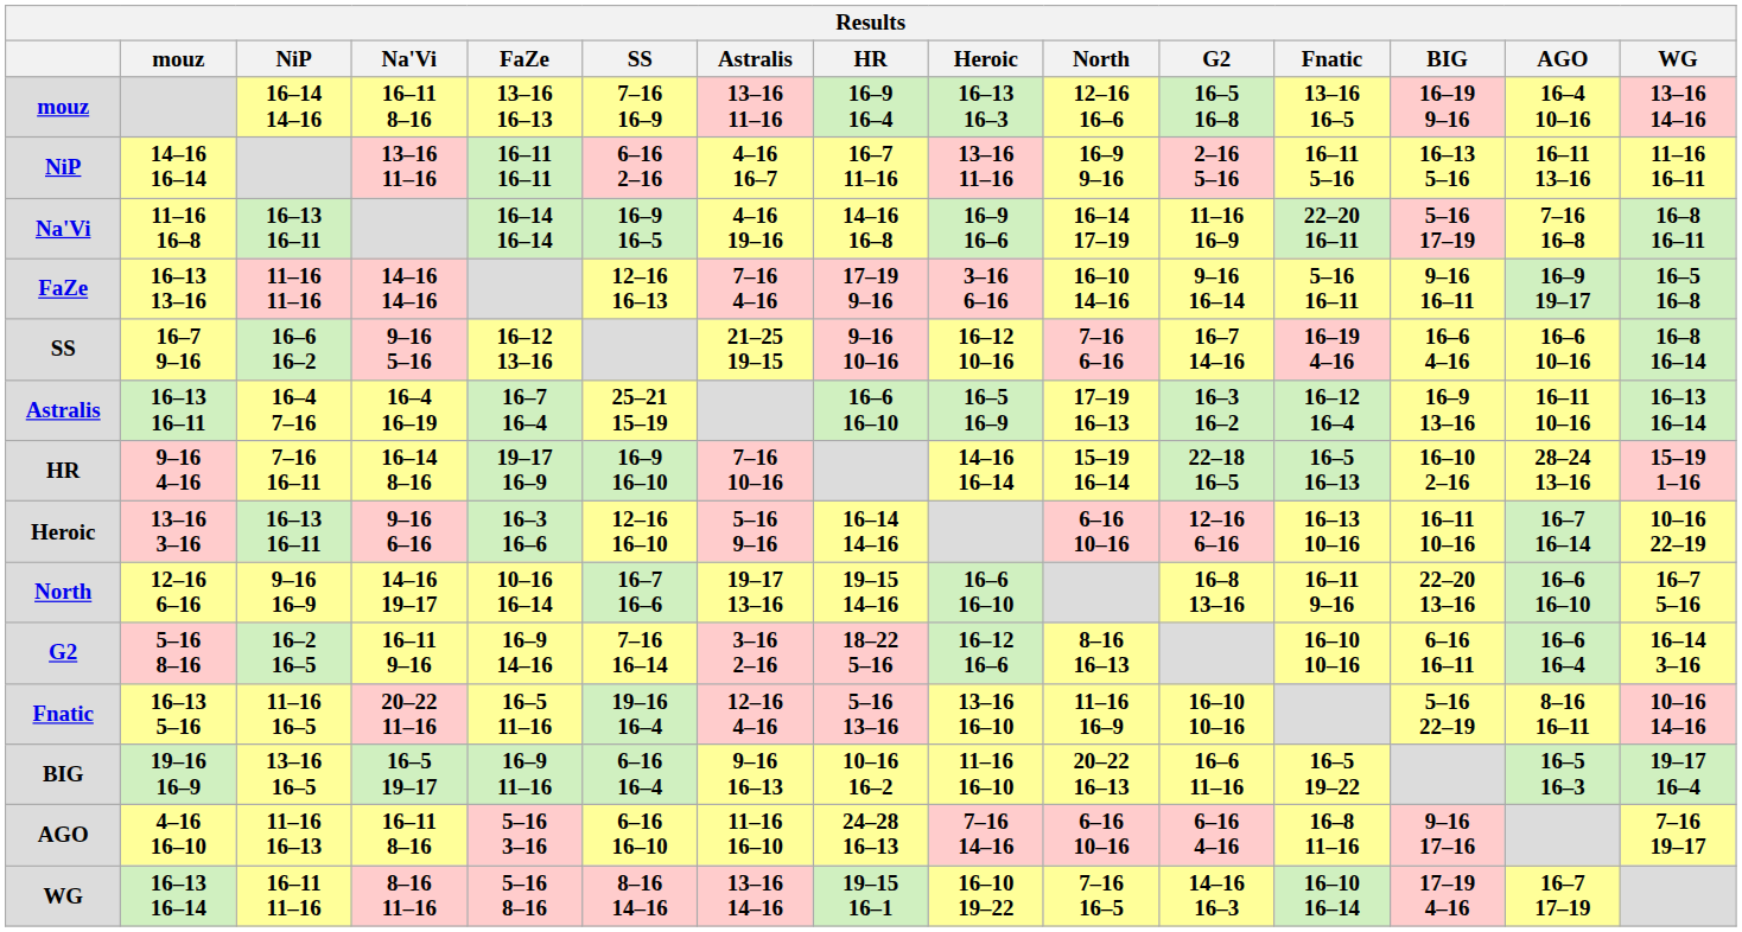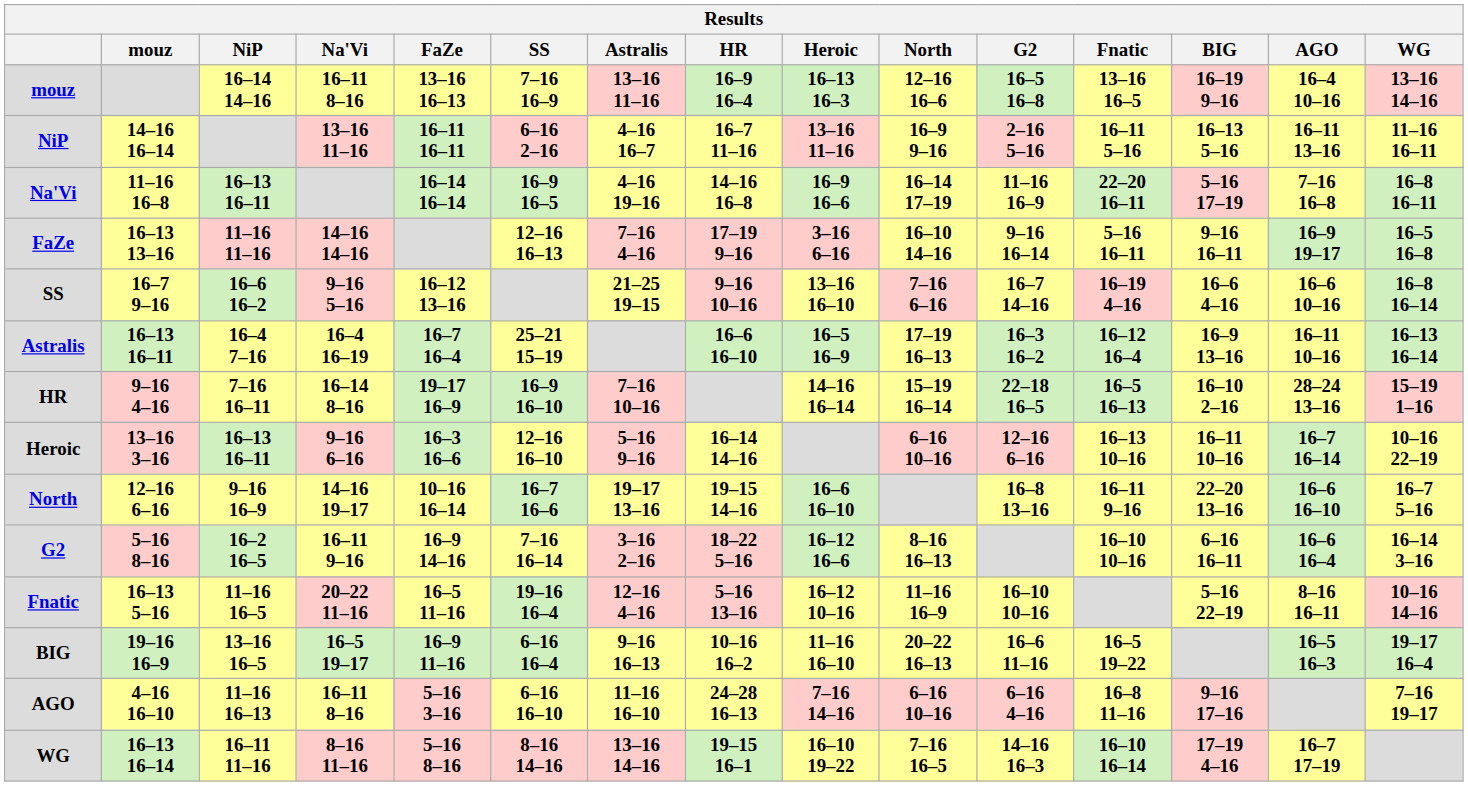 <table class="wikitable" style="text-align: center;">
 <tr>
 <th colspan=15>Results</th>
 </tr>
 <tr>
 <th width="75px"></th>
 <th width="75px">mouz</th>
 <th width="75px">NiP</th>
 <th width="75px">Na'Vi</th>
 <th width="75px">FaZe</th>
 <th width="75px">SS</th>
 <th width="75px">Astralis</th>
 <th width="75px">HR</th>
 <th width="75px">Heroic</th>
 <th width="75px">North</th>
 <th width="75px">G2</th>
 <th width="75px">Fnatic</th>
 <th width="75px">BIG</th>
 <th width="75px">AGO</th>
 <th width="75px">WG</th>
 </tr>
 <tr>
 <td style="background: #DCDCDC;"><strong><a href='#'>mouz</a></strong></td>
 <td style="background: #DCDCDC;"></td>
 <td style="background: #FFFF99;"><strong>16–14<br>14–16</strong></td>
 <td style="background: #FFFF99;"><strong>16–11<br>8–16</strong></td>
 <td style="background: #FFFF99;"><strong>13–16<br>16–13</strong></td>
 <td style="background: #FFFF99;"><strong>7–16<br>16–9</strong></td>
 <td style="background: #FFCCCC;"><strong>13–16<br>11–16</strong></td>
 <td style="background: #D0F0C0;"><strong>16–9<br>16–4</strong></td>
 <td style="background: #D0F0C0;"><strong>16–13<br>16–3</strong></td>
 <td style="background: #FFFF99;"><strong>12–16<br>16–6</strong></td>
 <td style="background: #D0F0C0;"><strong>16–5<br>16–8</strong></td>
 <td style="background: #FFFF99;"><strong>13–16<br>16–5</strong></td>
 <td style="background: #FFCCCC;"><strong>16–19<br>9–16</strong></td>
 <td style="background: #FFFF99;"><strong>16–4<br>10–16</strong></td>
 <td style="background: #FFCCCC;"><strong>13–16<br>14–16</strong></td>
 </tr>
 <tr>
 <td style="background: #DCDCDC;"><strong><a href='#'>NiP</a></strong></td>
 <td style="background: #FFFF99;"><strong>14–16<br>16–14</strong></td>
 <td style="background: #DCDCDC;"></td>
 <td style="background: #FFCCCC;"><strong>13–16<br>11–16</strong></td>
 <td style="background: #D0F0C0;"><strong>16–11<br>16–11</strong></td>
 <td style="background: #FFCCCC;"><strong>6–16<br>2–16</strong></td>
 <td style="background: #FFFF99;"><strong>4–16<br>16–7</strong></td>
 <td style="background: #FFFF99;"><strong>16–7<br>11–16</strong></td>
 <td style="background: #FFCCCC;"><strong>13–16<br>11–16</strong></td>
 <td style="background: #FFFF99;"><strong>16–9<br>9–16</strong></td>
 <td style="background: #FFCCCC;"><strong>2–16<br>5–16</strong></td>
 <td style="background: #FFFF99;"><strong>16–11<br>5–16</strong></td>
 <td style="background: #FFFF99;"><strong>16–13<br>5–16</strong></td>
 <td style="background: #FFFF99;"><strong>16–11<br>13–16</strong></td>
 <td style="background: #FFFF99;"><strong>11–16<br>16–11</strong></td>
 </tr>
 <tr>
 <td style="background: #DCDCDC;"><strong><a href='#'>Na'Vi</a></strong></td>
 <td style="background: #FFFF99;"><strong>11–16<br>16–8</strong></td>
 <td style="background: #D0F0C0;"><strong>16–13<br>16–11</strong></td>
 <td style="background: #DCDCDC;"></td>
 <td style="background: #D0F0C0;"><strong>16–14<br>16–14</strong></td>
 <td style="background: #D0F0C0;"><strong>16–9<br>16–5</strong></td>
 <td style="background: #FFFF99;"><strong>4–16<br>19–16</strong></td>
 <td style="background: #FFFF99;"><strong>14–16<br>16–8</strong></td>
 <td style="background: #D0F0C0;"><strong>16–9<br>16–6</strong></td>
 <td style="background: #FFFF99;"><strong>16–14<br>17–19</strong></td>
 <td style="background: #FFFF99;"><strong>11–16<br>16–9</strong></td>
 <td style="background: #D0F0C0;"><strong>22–20<br>16–11</strong></td>
 <td style="background: #FFCCCC;"><strong>5–16<br>17–19</strong></td>
 <td style="background: #FFFF99;"><strong>7–16<br>16–8</strong></td>
 <td style="background: #D0F0C0;"><strong>16–8<br>16–11</strong></td>
 </tr>
 <tr>
 <td style="background: #DCDCDC;"><strong><a href='#'>FaZe</a></strong></td>
 <td style="background: #FFFF99;"><strong>16–13<br>13–16</strong></td>
 <td style="background: #FFCCCC;"><strong>11–16<br>11–16</strong></td>
 <td style="background: #FFCCCC;"><strong>14–16<br>14–16</strong></td>
 <td style="background: #DCDCDC;"></td>
 <td style="background: #FFFF99;"><strong>12–16<br>16–13</strong></td>
 <td style="background: #FFCCCC;"><strong>7–16<br>4–16</strong></td>
 <td style="background: #FFCCCC;"><strong>17–19<br>9–16</strong></td>
 <td style="background: #FFCCCC;"><strong>3–16<br>6–16</strong></td>
 <td style="background: #FFFF99;"><strong>16–10<br>14–16</strong></td>
 <td style="background: #FFFF99;"><strong>9–16<br>16–14</strong></td>
 <td style="background: #FFFF99;"><strong>5–16<br>16–11</strong></td>
 <td style="background: #FFFF99;"><strong>9–16<br>16–11</strong></td>
 <td style="background: #D0F0C0;"><strong>16–9<br>19–17</strong></td>
 <td style="background: #D0F0C0;"><strong>16–5<br>16–8</strong></td>
 </tr>
 <tr>
 <td style="background: #DCDCDC;"><strong>SS</strong></td>
 <td style="background: #FFFF99;"><strong>16–7<br>9–16</strong></td>
 <td style="background: #D0F0C0;"><strong>16–6<br>16–2</strong></td>
 <td style="background: #FFCCCC;"><strong>9–16<br>5–16</strong></td>
 <td style="background: #FFFF99;"><strong>16–12<br>13–16</strong></td>
 <td style="background: #DCDCDC;"></td>
 <td style="background: #FFFF99;"><strong>21–25<br>19–15</strong></td>
 <td style="background: #FFCCCC;"><strong>9–16<br>10–16</strong></td>
-<td style="background: #FFFF99;"><strong>16–12<br>10–16</strong></td>
+<td style="background: #FFFF99;"><strong>13–16<br>16–10</strong></td>
 <td style="background: #FFCCCC;"><strong>7–16<br>6–16</strong></td>
 <td style="background: #FFFF99;"><strong>16–7<br>14–16</strong></td>
 <td style="background: #FFCCCC;"><strong>16–19<br>4–16</strong></td>
 <td style="background: #FFFF99;"><strong>16–6<br>4–16</strong></td>
 <td style="background: #FFFF99;"><strong>16–6<br>10–16</strong></td>
 <td style="background: #D0F0C0;"><strong>16–8<br>16–14</strong></td>
 </tr>
 <tr>
 <td style="background: #DCDCDC;"><strong><a href='#'>Astralis</a></strong></td>
 <td style="background: #D0F0C0;"><strong>16–13<br>16–11</strong></td>
 <td style="background: #FFFF99;"><strong>16–4<br>7–16</strong></td>
 <td style="background: #FFFF99;"><strong>16–4<br>16–19</strong></td>
 <td style="background: #D0F0C0;"><strong>16–7<br>16–4</strong></td>
 <td style="background: #FFFF99;"><strong>25–21<br>15–19</strong></td>
 <td style="background: #DCDCDC;"></td>
 <td style="background: #D0F0C0;"><strong>16–6<br>16–10</strong></td>
 <td style="background: #D0F0C0;"><strong>16–5<br>16–9</strong></td>
 <td style="background: #FFFF99;"><strong>17–19<br>16–13</strong></td>
 <td style="background: #D0F0C0;"><strong>16–3<br>16–2</strong></td>
 <td style="background: #D0F0C0;"><strong>16–12<br>16–4</strong></td>
 <td style="background: #FFFF99;"><strong>16–9<br>13–16</strong></td>
 <td style="background: #FFFF99;"><strong>16–11<br>10–16</strong></td>
 <td style="background: #D0F0C0;"><strong>16–13<br>16–14</strong></td>
 </tr>
 <tr>
 <td style="background: #DCDCDC;"><strong>HR</strong></td>
 <td style="background: #FFCCCC;"><strong>9–16<br>4–16</strong></td>
 <td style="background: #FFFF99;"><strong>7–16<br>16–11</strong></td>
 <td style="background: #FFFF99;"><strong>16–14<br>8–16</strong></td>
 <td style="background: #D0F0C0;"><strong>19–17<br>16–9</strong></td>
 <td style="background: #D0F0C0;"><strong>16–9<br>16–10</strong></td>
 <td style="background: #FFCCCC;"><strong>7–16<br>10–16</strong></td>
 <td style="background: #DCDCDC;"></td>
 <td style="background: #FFFF99;"><strong>14–16<br>16–14</strong></td>
 <td style="background: #FFFF99;"><strong>15–19<br>16–14</strong></td>
 <td style="background: #D0F0C0;"><strong>22–18<br>16–5</strong></td>
 <td style="background: #D0F0C0;"><strong>16–5<br>16–13</strong></td>
 <td style="background: #FFFF99;"><strong>16–10<br>2–16</strong></td>
 <td style="background: #FFFF99;"><strong>28–24<br>13–16</strong></td>
 <td style="background: #FFCCCC;"><strong>15–19<br>1–16</strong></td>
 </tr>
 <tr>
 <td style="background: #DCDCDC;"><strong>Heroic</strong></td>
 <td style="background: #FFCCCC;"><strong>13–16<br>3–16</strong></td>
 <td style="background: #D0F0C0;"><strong>16–13<br>16–11</strong></td>
 <td style="background: #FFCCCC;"><strong>9–16<br>6–16</strong></td>
 <td style="background: #D0F0C0;"><strong>16–3<br>16–6</strong></td>
 <td style="background: #FFFF99;"><strong>12–16<br>16–10</strong></td>
 <td style="background: #FFCCCC;"><strong>5–16<br>9–16</strong></td>
 <td style="background: #FFFF99;"><strong>16–14<br>14–16</strong></td>
 <td style="background: #DCDCDC;"></td>
 <td style="background: #FFCCCC;"><strong>6–16<br>10–16</strong></td>
 <td style="background: #FFCCCC;"><strong>12–16<br>6–16</strong></td>
 <td style="background: #FFFF99;"><strong>16–13<br>10–16</strong></td>
 <td style="background: #FFFF99;"><strong>16–11<br>10–16</strong></td>
 <td style="background: #D0F0C0;"><strong>16–7<br>16–14</strong></td>
 <td style="background: #FFFF99;"><strong>10–16<br>22–19</strong></td>
 </tr>
 <tr>
 <td style="background: #DCDCDC;"><strong><a href='#'>North</a></strong></td>
 <td style="background: #FFFF99;"><strong>12–16<br>6–16</strong></td>
 <td style="background: #FFFF99;"><strong>9–16<br>16–9</strong></td>
 <td style="background: #FFFF99;"><strong>14–16<br>19–17</strong></td>
 <td style="background: #FFFF99;"><strong>10–16<br>16–14</strong></td>
 <td style="background: #D0F0C0;"><strong>16–7<br>16–6</strong></td>
 <td style="background: #FFFF99;"><strong>19–17<br>13–16</strong></td>
 <td style="background: #FFFF99;"><strong>19–15<br>14–16</strong></td>
 <td style="background: #D0F0C0;"><strong>16–6<br>16–10</strong></td>
 <td style="background: #DCDCDC;"></td>
 <td style="background: #FFFF99;"><strong>16–8<br>13–16</strong></td>
 <td style="background: #FFFF99;"><strong>16–11<br>9–16</strong></td>
 <td style="background: #FFFF99;"><strong>22–20<br>13–16</strong></td>
 <td style="background: #D0F0C0;"><strong>16–6<br>16–10</strong></td>
 <td style="background: #FFFF99;"><strong>16–7<br>5–16</strong></td>
 </tr>
 <tr>
 <td style="background: #DCDCDC;"><strong><a href='#'>G2</a></strong></td>
 <td style="background: #FFCCCC;"><strong>5–16<br>8–16</strong></td>
 <td style="background: #D0F0C0;"><strong>16–2<br>16–5</strong></td>
 <td style="background: #FFFF99;"><strong>16–11<br>9–16</strong></td>
 <td style="background: #FFFF99;"><strong>16–9<br>14–16</strong></td>
 <td style="background: #FFFF99;"><strong>7–16<br>16–14</strong></td>
 <td style="background: #FFCCCC;"><strong>3–16<br>2–16</strong></td>
 <td style="background: #FFCCCC;"><strong>18–22<br>5–16</strong></td>
 <td style="background: #D0F0C0;"><strong>16–12<br>16–6</strong></td>
 <td style="background: #FFFF99;"><strong>8–16<br>16–13</strong></td>
 <td style="background: #DCDCDC;"></td>
 <td style="background: #FFFF99;"><strong>16–10<br>10–16</strong></td>
 <td style="background: #FFFF99;"><strong>6–16<br>16–11</strong></td>
 <td style="background: #D0F0C0;"><strong>16–6<br>16–4</strong></td>
 <td style="background: #FFFF99;"><strong>16–14<br>3–16</strong></td>
 </tr>
 <tr>
 <td style="background: #DCDCDC;"><strong><a href='#'>Fnatic</a></strong></td>
 <td style="background: #FFFF99;"><strong>16–13<br>5–16</strong></td>
 <td style="background: #FFFF99;"><strong>11–16<br>16–5</strong></td>
 <td style="background: #FFCCCC;"><strong>20–22<br>11–16</strong></td>
 <td style="background: #FFFF99;"><strong>16–5<br>11–16</strong></td>
 <td style="background: #D0F0C0;"><strong>19–16<br>16–4</strong></td>
 <td style="background: #FFCCCC;"><strong>12–16<br>4–16</strong></td>
 <td style="background: #FFCCCC;"><strong>5–16<br>13–16</strong></td>
-<td style="background: #FFFF99;"><strong>13–16<br>16–10</strong></td>
+<td style="background: #FFFF99;"><strong>16–12<br>10–16</strong></td>
 <td style="background: #FFFF99;"><strong>11–16<br>16–9</strong></td>
 <td style="background: #FFFF99;"><strong>16–10<br>10–16</strong></td>
 <td style="background: #DCDCDC;"></td>
 <td style="background: #FFFF99;"><strong>5–16<br>22–19</strong></td>
 <td style="background: #FFFF99;"><strong>8–16<br>16–11</strong></td>
 <td style="background: #FFCCCC;"><strong>10–16<br>14–16</strong></td>
 </tr>
 <tr>
 <td style="background: #DCDCDC;"><strong>BIG</strong></td>
 <td style="background: #D0F0C0;"><strong>19–16<br>16–9</strong></td>
 <td style="background: #FFFF99;"><strong>13–16<br>16–5</strong></td>
 <td style="background: #D0F0C0;"><strong>16–5<br>19–17</strong></td>
 <td style="background: #D0F0C0;"><strong>16–9<br>11–16</strong></td>
 <td style="background: #D0F0C0;"><strong>6–16<br>16–4</strong></td>
 <td style="background: #FFFF99;"><strong>9–16<br>16–13</strong></td>
 <td style="background: #FFFF99;"><strong>10–16<br>16–2</strong></td>
 <td style="background: #FFFF99;"><strong>11–16<br>16–10</strong></td>
 <td style="background: #FFFF99;"><strong>20–22<br>16–13</strong></td>
 <td style="background: #FFFF99;"><strong>16–6<br>11–16</strong></td>
 <td style="background: #FFFF99;"><strong>16–5<br>19–22</strong></td>
 <td style="background: #DCDCDC;"></td>
 <td style="background: #D0F0C0;"><strong>16–5<br>16–3</strong></td>
 <td style="background: #D0F0C0;"><strong>19–17<br>16–4</strong></td>
 </tr>
 <tr>
 <td style="background: #DCDCDC;"><strong>AGO</strong></td>
 <td style="background: #FFFF99;"><strong>4–16<br>16–10</strong></td>
 <td style="background: #FFFF99;"><strong>11–16<br>16–13</strong></td>
 <td style="background: #FFFF99;"><strong>16–11<br>8–16</strong></td>
 <td style="background: #FFCCCC;"><strong>5–16<br>3–16</strong></td>
 <td style="background: #FFFF99;"><strong>6–16<br>16–10</strong></td>
 <td style="background: #FFFF99;"><strong>11–16<br>16–10</strong></td>
 <td style="background: #FFFF99;"><strong>24–28<br>16–13</strong></td>
 <td style="background: #FFCCCC;"><strong>7–16<br>14–16</strong></td>
 <td style="background: #FFCCCC;"><strong>6–16<br>10–16</strong></td>
 <td style="background: #FFCCCC;"><strong>6–16<br>4–16</strong></td>
 <td style="background: #FFFF99;"><strong>16–8<br>11–16</strong></td>
 <td style="background: #FFCCCC;"><strong>9–16<br>17–16</strong></td>
 <td style="background: #DCDCDC;"></td>
 <td style="background: #FFFF99;"><strong>7–16<br>19–17</strong></td>
 </tr>
 <tr>
 <td style="background: #DCDCDC;"><strong>WG</strong></td>
 <td style="background: #D0F0C0;"><strong>16–13<br>16–14</strong></td>
 <td style="background: #FFFF99;"><strong>16–11<br>11–16</strong></td>
 <td style="background: #FFCCCC;"><strong>8–16<br>11–16</strong></td>
 <td style="background: #FFCCCC;"><strong>5–16<br>8–16</strong></td>
 <td style="background: #FFCCCC;"><strong>8–16<br>14–16</strong></td>
 <td style="background: #FFCCCC;"><strong>13–16<br>14–16</strong></td>
 <td style="background: #D0F0C0;"><strong>19–15<br>16–1</strong></td>
 <td style="background: #FFFF99;"><strong>16–10<br>19–22</strong></td>
 <td style="background: #FFFF99;"><strong>7–16<br>16–5</strong></td>
 <td style="background: #FFFF99;"><strong>14–16<br>16–3</strong></td>
 <td style="background: #D0F0C0;"><strong>16–10<br>16–14</strong></td>
 <td style="background: #FFCCCC;"><strong>17–19<br>4–16</strong></td>
 <td style="background: #FFFF99;"><strong>16–7<br>17–19</strong></td>
 <td style="background: #DCDCDC;"></td>
 </tr>
 </table>
